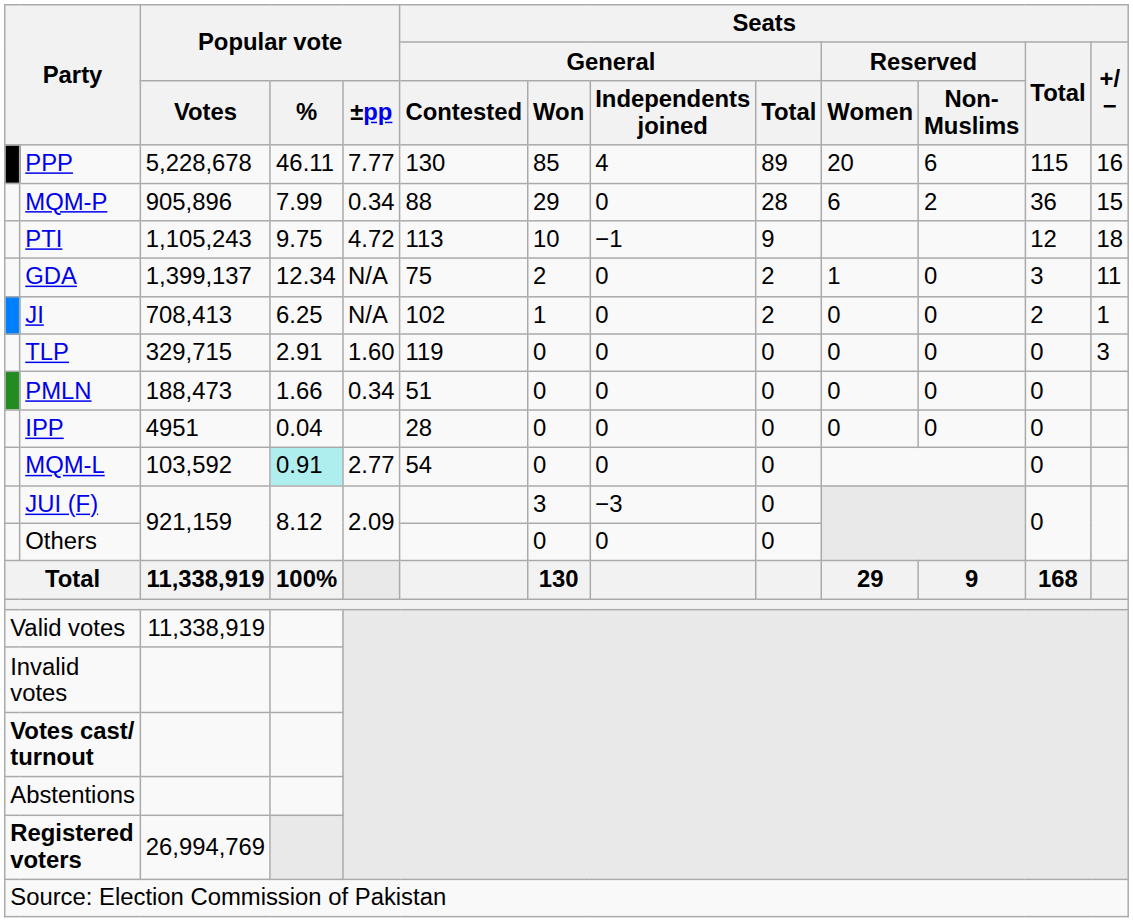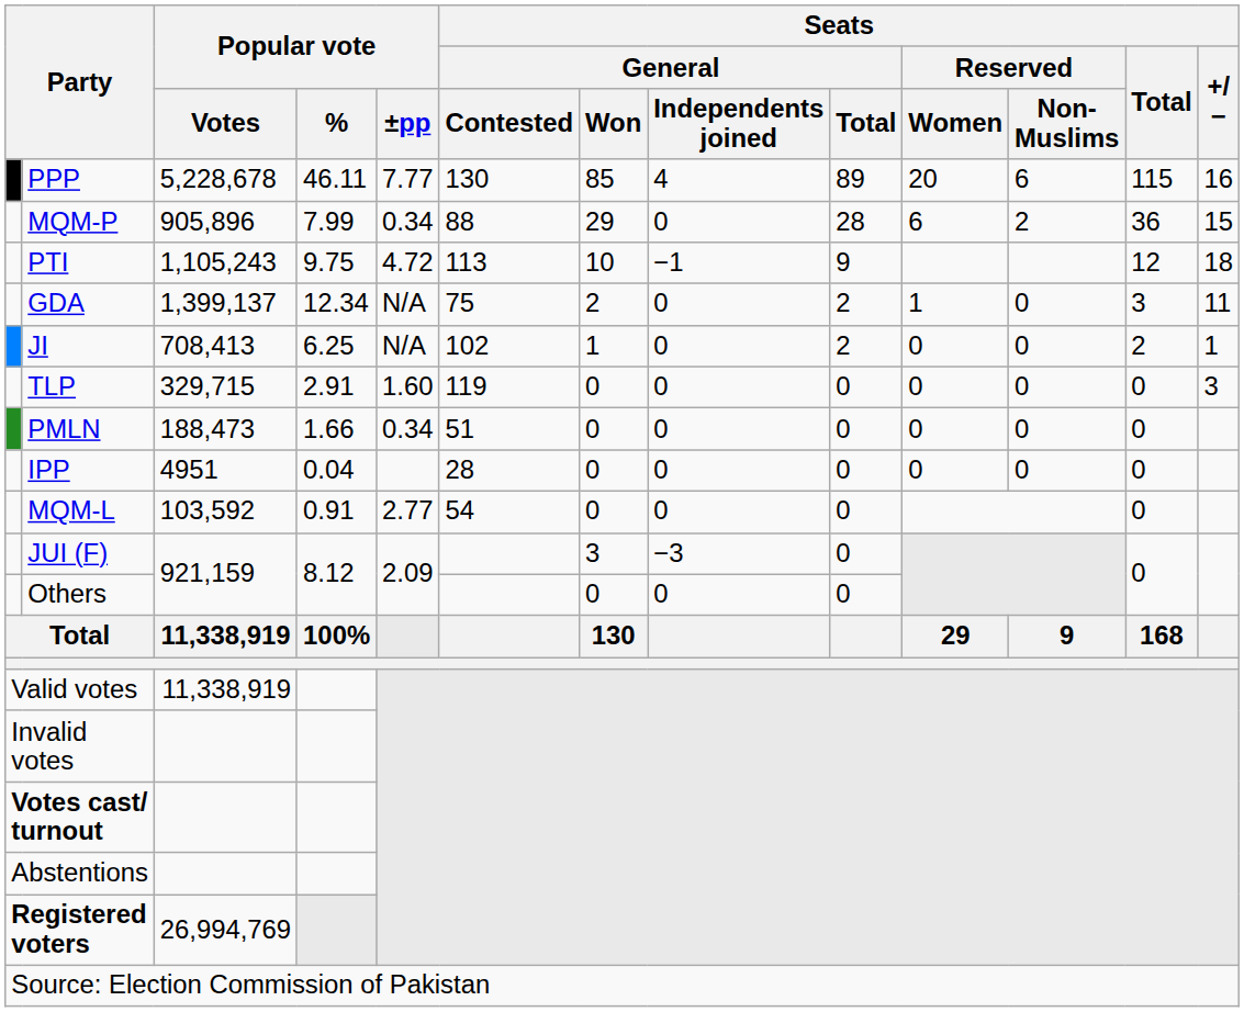 <table class="wikitable sortable">
 <tr>
 <th colspan="2" rowspan="3">Party</th>
 <th colspan="3" rowspan="2">Popular vote</th>
 <th colspan="8">Seats</th>
 </tr>
 <tr>
 <th colspan="4">General</th>
 <th colspan="2">Reserved</th>
 <th rowspan="2">Total</th>
 <th rowspan="2"><strong>+/−</strong></th>
 </tr>
 <tr>
 <th>Votes</th>
 <th>%</th>
 <th>±<a href='#'>pp</a></th>
 <th>Contested</th>
 <th>Won</th>
 <th>Independents joined</th>
 <th>Total</th>
 <th>Women</th>
 <th>Non-Muslims</th>
 </tr>
 <tr>
 <td style="color:inherit;background:#000000"></td>
 <td><a href='#'>PPP</a></td>
 <td>5,228,678</td>
 <td>46.11</td>
 <td>7.77</td>
 <td>130</td>
 <td>85</td>
 <td>4</td>
 <td>89</td>
 <td>20</td>
 <td>6</td>
 <td>115</td>
 <td>16</td>
 </tr>
 <tr>
 <td></td>
 <td><a href='#'>MQM-P</a></td>
 <td>905,896</td>
 <td>7.99</td>
 <td>0.34</td>
 <td>88</td>
 <td>29</td>
 <td>0</td>
 <td>28</td>
 <td>6</td>
 <td>2</td>
 <td>36</td>
 <td>15</td>
 </tr>
 <tr>
 <td></td>
 <td><a href='#'>PTI</a></td>
 <td>1,105,243</td>
 <td>9.75</td>
 <td>4.72</td>
 <td>113</td>
 <td>10</td>
 <td>−1</td>
 <td>9</td>
 <td></td>
 <td></td>
 <td>12</td>
 <td>18</td>
 </tr>
 <tr>
 <td style="color:inherit;background:"></td>
 <td><a href='#'>GDA</a></td>
 <td>1,399,137</td>
 <td>12.34</td>
 <td>N/A</td>
 <td>75</td>
 <td>2</td>
 <td>0</td>
 <td>2</td>
 <td>1</td>
 <td>0</td>
 <td>3</td>
 <td>11</td>
 </tr>
 <tr>
 <td bgcolor="0080ff"></td>
 <td><a href='#'>JI</a></td>
 <td>708,413</td>
 <td>6.25</td>
 <td>N/A</td>
 <td>102</td>
 <td>1</td>
 <td>0</td>
 <td>2</td>
 <td>0</td>
 <td>0</td>
 <td>2</td>
 <td>1</td>
 </tr>
 <tr>
 <td></td>
 <td><a href='#'>TLP</a></td>
 <td>329,715</td>
 <td>2.91</td>
 <td>1.60</td>
 <td>119</td>
 <td>0</td>
 <td>0</td>
 <td>0</td>
 <td>0</td>
 <td>0</td>
 <td>0</td>
 <td>3</td>
 </tr>
 <tr>
 <td style="color:inherit;background:#228b22"></td>
 <td><a href='#'>PMLN</a></td>
 <td>188,473</td>
 <td>1.66</td>
 <td>0.34</td>
 <td>51</td>
 <td>0</td>
 <td>0</td>
 <td>0</td>
 <td>0</td>
 <td>0</td>
 <td>0</td>
 <td></td>
 </tr>
 <tr>
 <td style="color:inherit;background:"></td>
 <td><a href='#'>IPP</a></td>
 <td>4951</td>
 <td>0.04</td>
 <td></td>
 <td>28</td>
 <td>0</td>
 <td>0</td>
 <td>0</td>
 <td>0</td>
 <td>0</td>
 <td>0</td>
 <td></td>
 </tr>
 <tr>
 <td></td>
 <td><a href='#'>MQM-L</a></td>
 <td>103,592</td>
-<td style="background: paleturquoise;">0.91</td>
+<td>0.91</td>
 <td>2.77</td>
 <td>54</td>
 <td>0</td>
 <td>0</td>
 <td>0</td>
 <td colspan="2" style="background-color:"></td>
 <td>0</td>
 <td></td>
 </tr>
 <tr>
 <td bgcolor=></td>
 <td><a href='#'>JUI (F)</a></td>
 <td rowspan="2">921,159</td>
 <td rowspan="2">8.12</td>
 <td rowspan="2">2.09</td>
 <td></td>
 <td>3</td>
 <td>−3</td>
 <td>0</td>
 <td colspan="2" rowspan="2" style="background-color:#E9E9E9"></td>
 <td rowspan="2">0</td>
 <td rowspan="2"></td>
 </tr>
 <tr>
 <td></td>
 <td>Others</td>
 <td></td>
 <td>0</td>
 <td>0</td>
 <td>0</td>
 </tr>
 <tr>
 <th colspan="2">Total</th>
 <th>11,338,919</th>
 <th>100%</th>
 <th style="background-color:#E9E9E9"></th>
 <th></th>
 <th>130</th>
 <th></th>
 <th></th>
 <th>29</th>
 <th>9</th>
 <th>168</th>
 <th></th>
 </tr>
 <tr>
 <th colspan="13"></th>
 </tr>
 <tr>
 <td colspan="2" style="text-align:left;">Valid votes</td>
 <td align="right">11,338,919</td>
 <td align="right"></td>
 <th colspan="9" rowspan="5" style="background-color:#E9E9E9"></th>
 </tr>
 <tr>
 <td colspan="2" style="text-align:left;">Invalid votes</td>
 <td align="right"></td>
 <td align="right"></td>
 </tr>
 <tr>
 <td colspan="2" style="text-align:left;"><strong>Votes cast/ turnout</strong></td>
 <td align="right"></td>
 <td align="right"></td>
 </tr>
 <tr>
 <td colspan="2" style="text-align:left;">Abstentions</td>
 <td align="right"></td>
 <td align="right"></td>
 </tr>
 <tr>
 <td colspan="2" style="text-align:left;"><strong>Registered voters</strong></td>
 <td align="right">26,994,769</td>
 <td style="background-color:#E9E9E9"></td>
 </tr>
 <tr>
 <td colspan="13">Source: Election Commission of Pakistan</td>
 </tr>
 </table>
